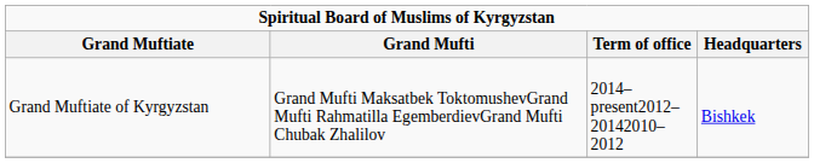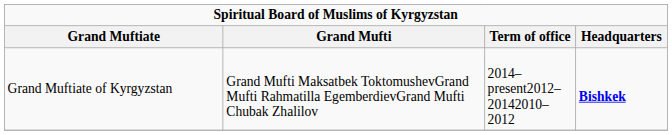 <table class=wikitable>
 <tr>
 <td colspan=4 align=center><strong>Spiritual Board of Muslims of Kyrgyzstan </strong></td>
 </tr>
 <tr>
 <th scope="row" width="250">Grand Muftiate</th>
 <th scope="row" width="300">Grand Mufti</th>
 <th scope="row" width="100">Term of office</th>
 <th scope="row" width="100">Headquarters</th>
 </tr>
 <tr>
 <td>Grand Muftiate of Kyrgyzstan</td>
 <td><br>Grand Mufti Maksatbek ToktomushevGrand Mufti Rahmatilla EgemberdievGrand Mufti Chubak Zhalilov</td>
 <td><br>2014–present2012–20142010–2012</td>
-<td><br><a href='#'>Bishkek</a></td>
+<td><strong><br><a href='#'>Bishkek</a></strong></td>
 </tr>
 <tr>
 </tr>
 </table>
